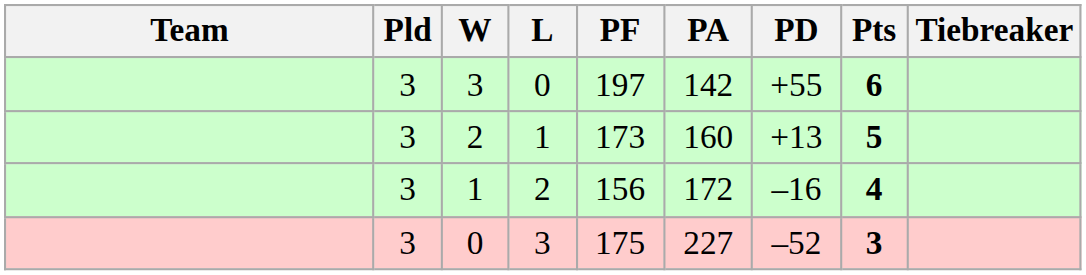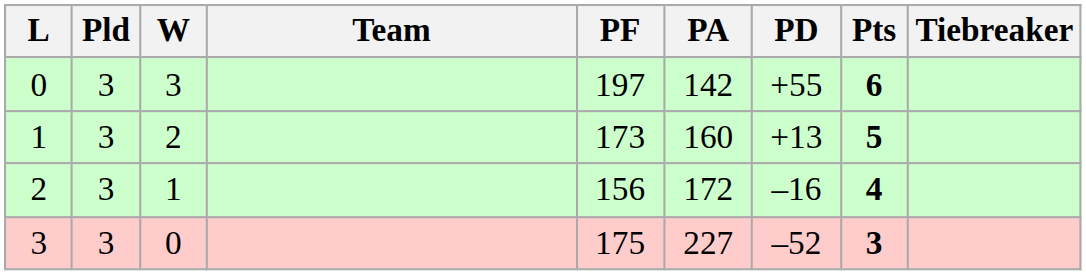 <table class="wikitable" style="text-align:center;">
 <tr>
-<th width=170>Team</th>
+<th width=25>L</th>
 <th width=25>Pld</th>
 <th width=25>W</th>
-<th width=25>L</th>
+<th width=170>Team</th>
 <th width=35>PF</th>
 <th width=35>PA</th>
 <th width=35>PD</th>
 <th width=25>Pts</th>
 <th width=50>Tiebreaker</th>
 </tr>
 <tr bgcolor=ccffcc>
-<td align="left"></td>
+<td>0</td>
 <td>3</td>
 <td>3</td>
-<td>0</td>
+<td align="left"></td>
 <td>197</td>
 <td>142</td>
 <td>+55</td>
 <td><strong>6</strong></td>
 <td></td>
 </tr>
 <tr bgcolor=ccffcc>
-<td align="left"></td>
+<td>1</td>
 <td>3</td>
 <td>2</td>
-<td>1</td>
+<td align="left"></td>
 <td>173</td>
 <td>160</td>
 <td>+13</td>
 <td><strong>5</strong></td>
 <td></td>
 </tr>
 <tr bgcolor=ccffcc>
-<td align="left"></td>
+<td>2</td>
 <td>3</td>
 <td>1</td>
-<td>2</td>
+<td align="left"></td>
 <td>156</td>
 <td>172</td>
 <td>–16</td>
 <td><strong>4</strong></td>
 <td></td>
 </tr>
 <tr bgcolor=ffcccc>
-<td align="left"></td>
+<td>3</td>
 <td>3</td>
 <td>0</td>
-<td>3</td>
+<td align="left"></td>
 <td>175</td>
 <td>227</td>
 <td>–52</td>
 <td><strong>3</strong></td>
 <td></td>
 </tr>
 </table>
